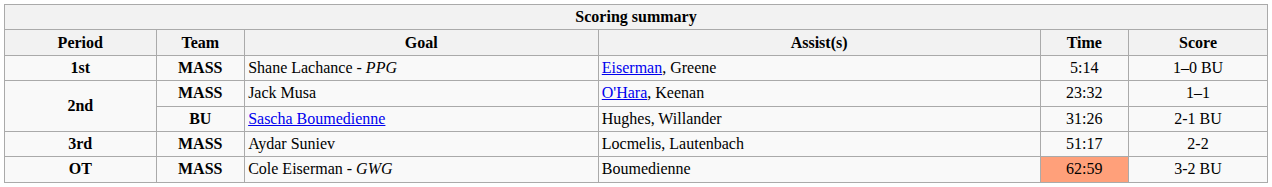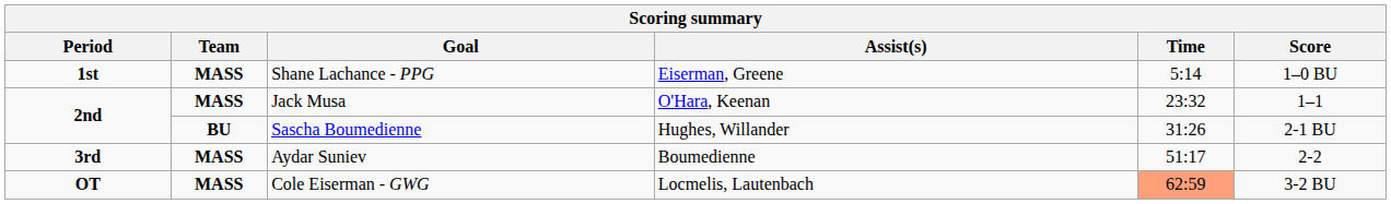 <table style="width:100%;" class="wikitable">
 <tr>
 <th colspan=6>Scoring summary</th>
 </tr>
 <tr>
 <th style="width:12%;">Period</th>
 <th style="width:7%;">Team</th>
 <th style="width:28%;">Goal</th>
 <th style="width:35%;">Assist(s)</th>
 <th style="width:7%;">Time</th>
 <th style="width:11%;">Score</th>
 </tr>
 <tr>
 <td style="text-align:center;" rowspan="1"><strong>1st</strong></td>
 <td align=center><strong>MASS</strong></td>
 <td>Shane Lachance - <em>PPG</em></td>
 <td><a href='#'>Eiserman</a>, Greene</td>
 <td align=center>5:14</td>
 <td align=center>1–0 BU</td>
 </tr>
 <tr>
 <td style="text-align:center;" rowspan="2"><strong>2nd</strong></td>
 <td align=center><strong>MASS</strong></td>
 <td>Jack Musa</td>
 <td><a href='#'>O'Hara</a>, Keenan</td>
 <td align=center>23:32</td>
 <td align=center>1–1</td>
 </tr>
 <tr>
 <td align=center><strong>BU</strong></td>
 <td><a href='#'>Sascha Boumedienne</a></td>
 <td>Hughes, Willander</td>
 <td align=center>31:26</td>
 <td align=center>2-1 BU</td>
 </tr>
 <tr>
 <td style="text-align:center;" rowspan="1"><strong>3rd</strong></td>
 <td align=center><strong>MASS</strong></td>
 <td>Aydar Suniev</td>
-<td>Locmelis, Lautenbach</td>
+<td>Boumedienne</td>
 <td align=center>51:17</td>
 <td align=center>2-2</td>
 </tr>
 <tr>
 <td style="text-align:center;" rowspan="1"><strong>OT</strong></td>
 <td align=center><strong>MASS</strong></td>
 <td>Cole Eiserman - <em>GWG</em></td>
-<td>Boumedienne</td>
+<td>Locmelis, Lautenbach</td>
 <td align=center style="background: lightsalmon;">62:59</td>
 <td align=center>3-2 BU</td>
 </tr>
 <tr>
 </tr>
 </table>
